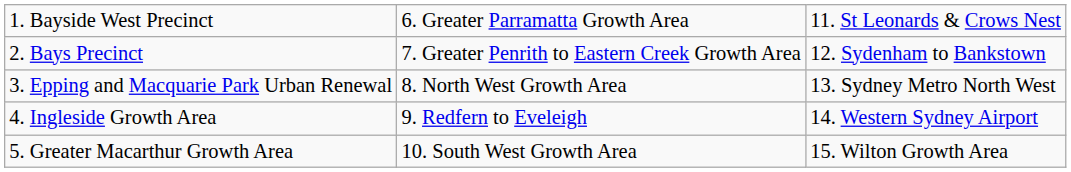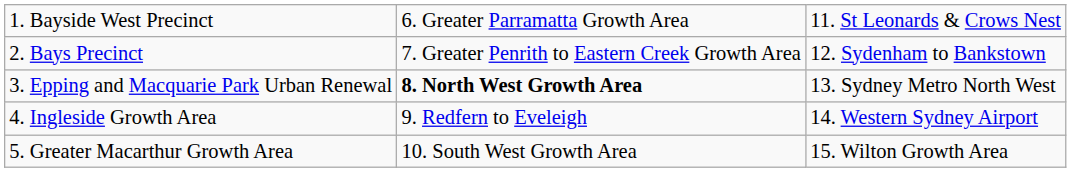 <table class="wikitable">
 <tr>
 <td>1. Bayside West Precinct</td>
 <td>6. Greater <a href='#'>Parramatta</a> Growth Area</td>
 <td>11. <a href='#'>St Leonards</a> & <a href='#'>Crows Nest</a></td>
 </tr>
 <tr>
 <td>2. <a href='#'>Bays Precinct</a></td>
 <td>7. Greater <a href='#'>Penrith</a> to <a href='#'>Eastern Creek</a> Growth Area</td>
 <td>12. <a href='#'>Sydenham</a> to <a href='#'>Bankstown</a></td>
 </tr>
 <tr>
 <td>3. <a href='#'>Epping</a> and <a href='#'>Macquarie Park</a> Urban Renewal</td>
-<td>8. North West Growth Area</td>
+<td><strong>8. North West Growth Area</strong></td>
 <td>13. Sydney Metro North West</td>
 </tr>
 <tr>
 <td>4. <a href='#'>Ingleside</a> Growth Area</td>
 <td>9. <a href='#'>Redfern</a> to <a href='#'>Eveleigh</a></td>
 <td>14. <a href='#'>Western Sydney Airport</a></td>
 </tr>
 <tr>
 <td>5. Greater Macarthur Growth Area</td>
 <td>10. South West Growth Area</td>
 <td>15. Wilton Growth Area</td>
 </tr>
 </table>
